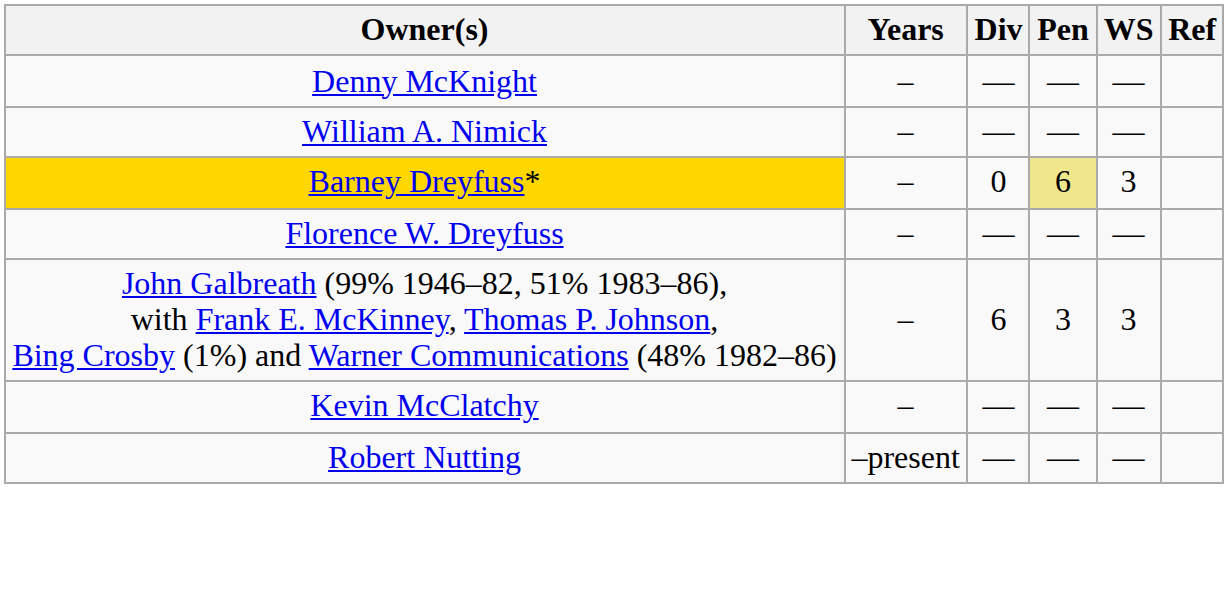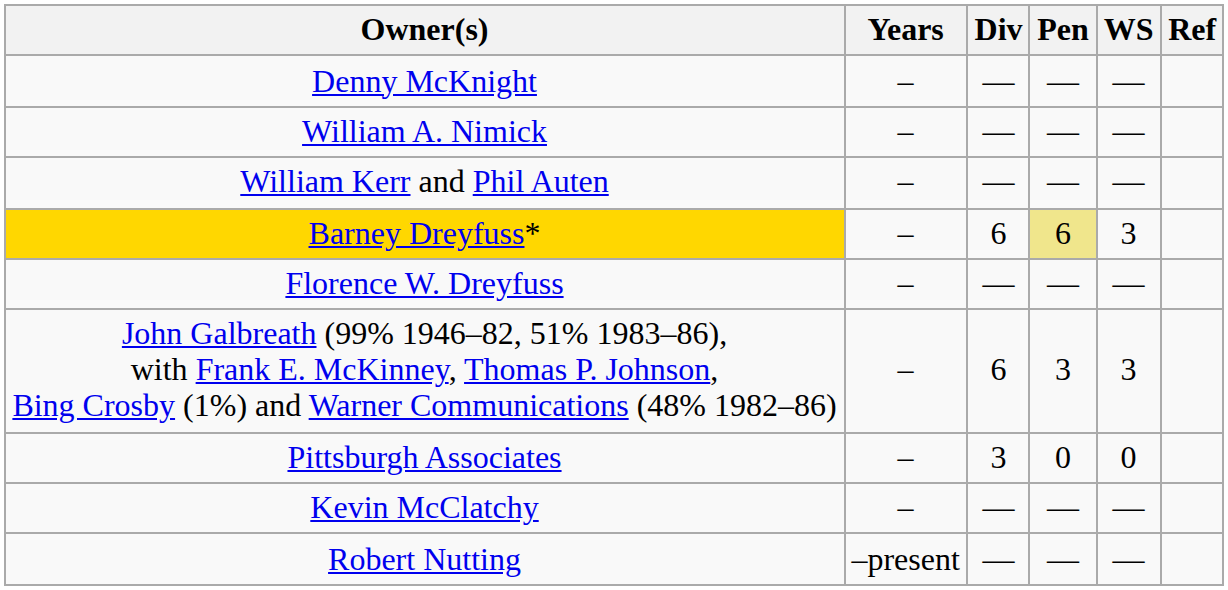 <table class="wikitable" style="text-align:center">
 <tr>
 <th>Owner(s)</th>
 <th>Years</th>
 <th>Div</th>
 <th>Pen</th>
 <th>WS</th>
 <th>Ref</th>
 </tr>
 <tr>
 <td><a href='#'>Denny McKnight</a></td>
 <td>–</td>
 <td>—</td>
 <td>—</td>
 <td>—</td>
 <td></td>
 </tr>
 <tr>
 <td><a href='#'>William A. Nimick</a></td>
 <td>–</td>
 <td>—</td>
 <td>—</td>
 <td>—</td>
 <td></td>
 </tr>
 <tr>
+<td><a href='#'>William Kerr</a> and <a href='#'>Phil Auten</a></td>
+<td>–</td>
+<td>—</td>
+<td>—</td>
+<td>—</td>
+<td></td>
+</tr>
+<tr>
 <td bgcolor="ffd700"><a href='#'>Barney Dreyfuss</a>*</td>
 <td>–</td>
-<td>0</td>
+<td>6</td>
 <td style="background: khaki;">6</td>
 <td>3</td>
 <td></td>
 </tr>
 <tr>
 <td><a href='#'>Florence W. Dreyfuss</a></td>
 <td>–</td>
 <td>—</td>
 <td>—</td>
 <td>—</td>
 <td></td>
 </tr>
 <tr>
 <td><a href='#'>John Galbreath</a> (99% 1946–82, 51% 1983–86), <br> with <a href='#'>Frank E. McKinney</a>, <a href='#'>Thomas P. Johnson</a>,<br> <a href='#'>Bing Crosby</a> (1%) and <a href='#'>Warner Communications</a> (48% 1982–86)</td>
 <td>–</td>
 <td>6</td>
 <td>3</td>
 <td>3</td>
 <td></td>
 </tr>
 <tr>
+<td><a href='#'>Pittsburgh Associates</a></td>
+<td>–</td>
+<td>3</td>
+<td>0</td>
+<td>0</td>
+<td></td>
+</tr>
+<tr>
 <td><a href='#'>Kevin McClatchy</a></td>
 <td>–</td>
 <td>—</td>
 <td>—</td>
 <td>—</td>
 <td></td>
 </tr>
 <tr>
 <td><a href='#'>Robert Nutting</a></td>
 <td>–present</td>
 <td>—</td>
 <td>—</td>
 <td>—</td>
 <td></td>
 </tr>
 </table>
